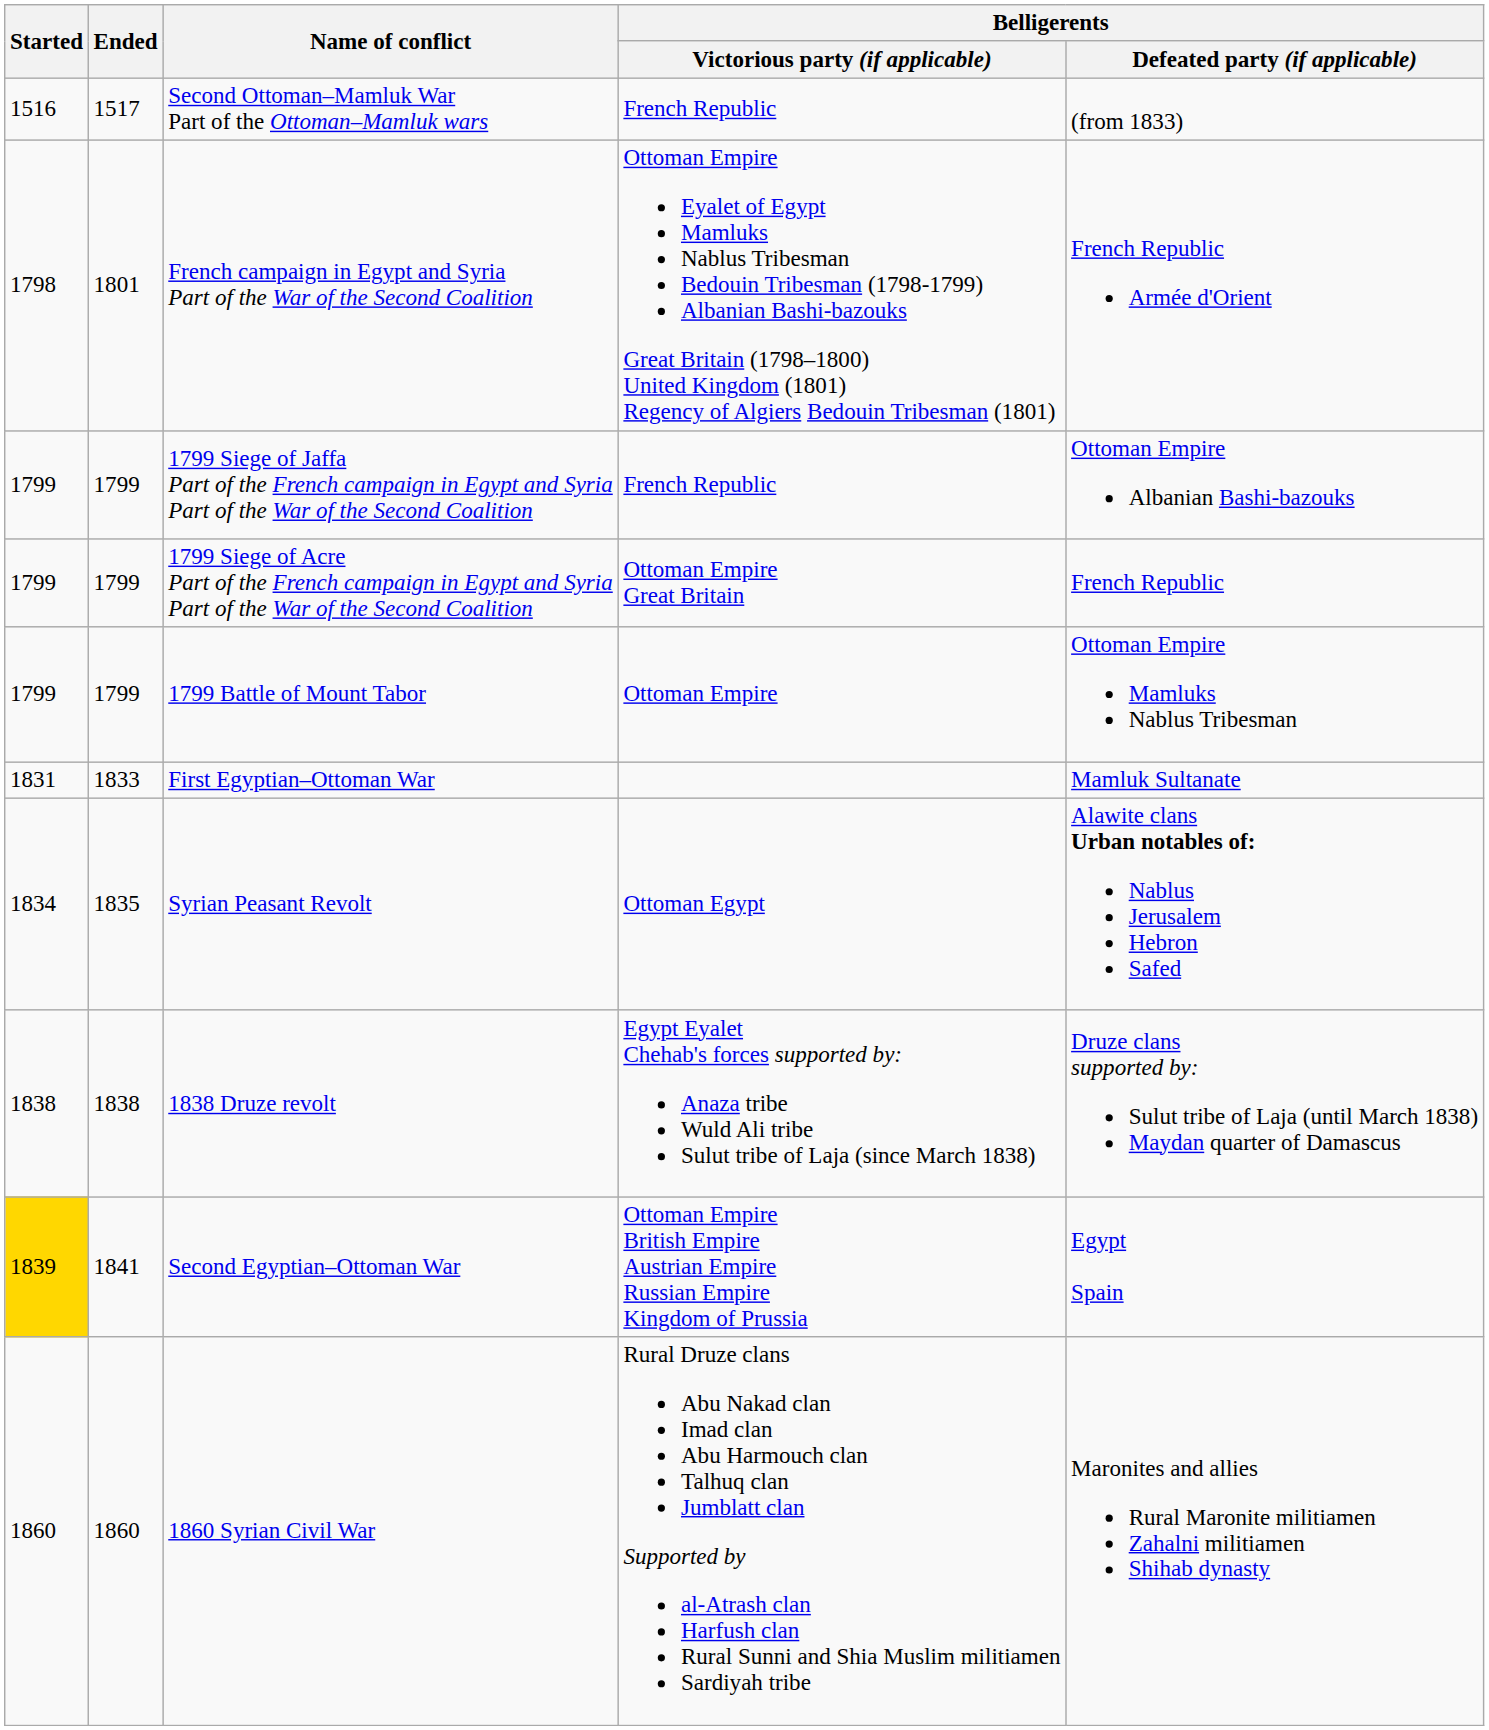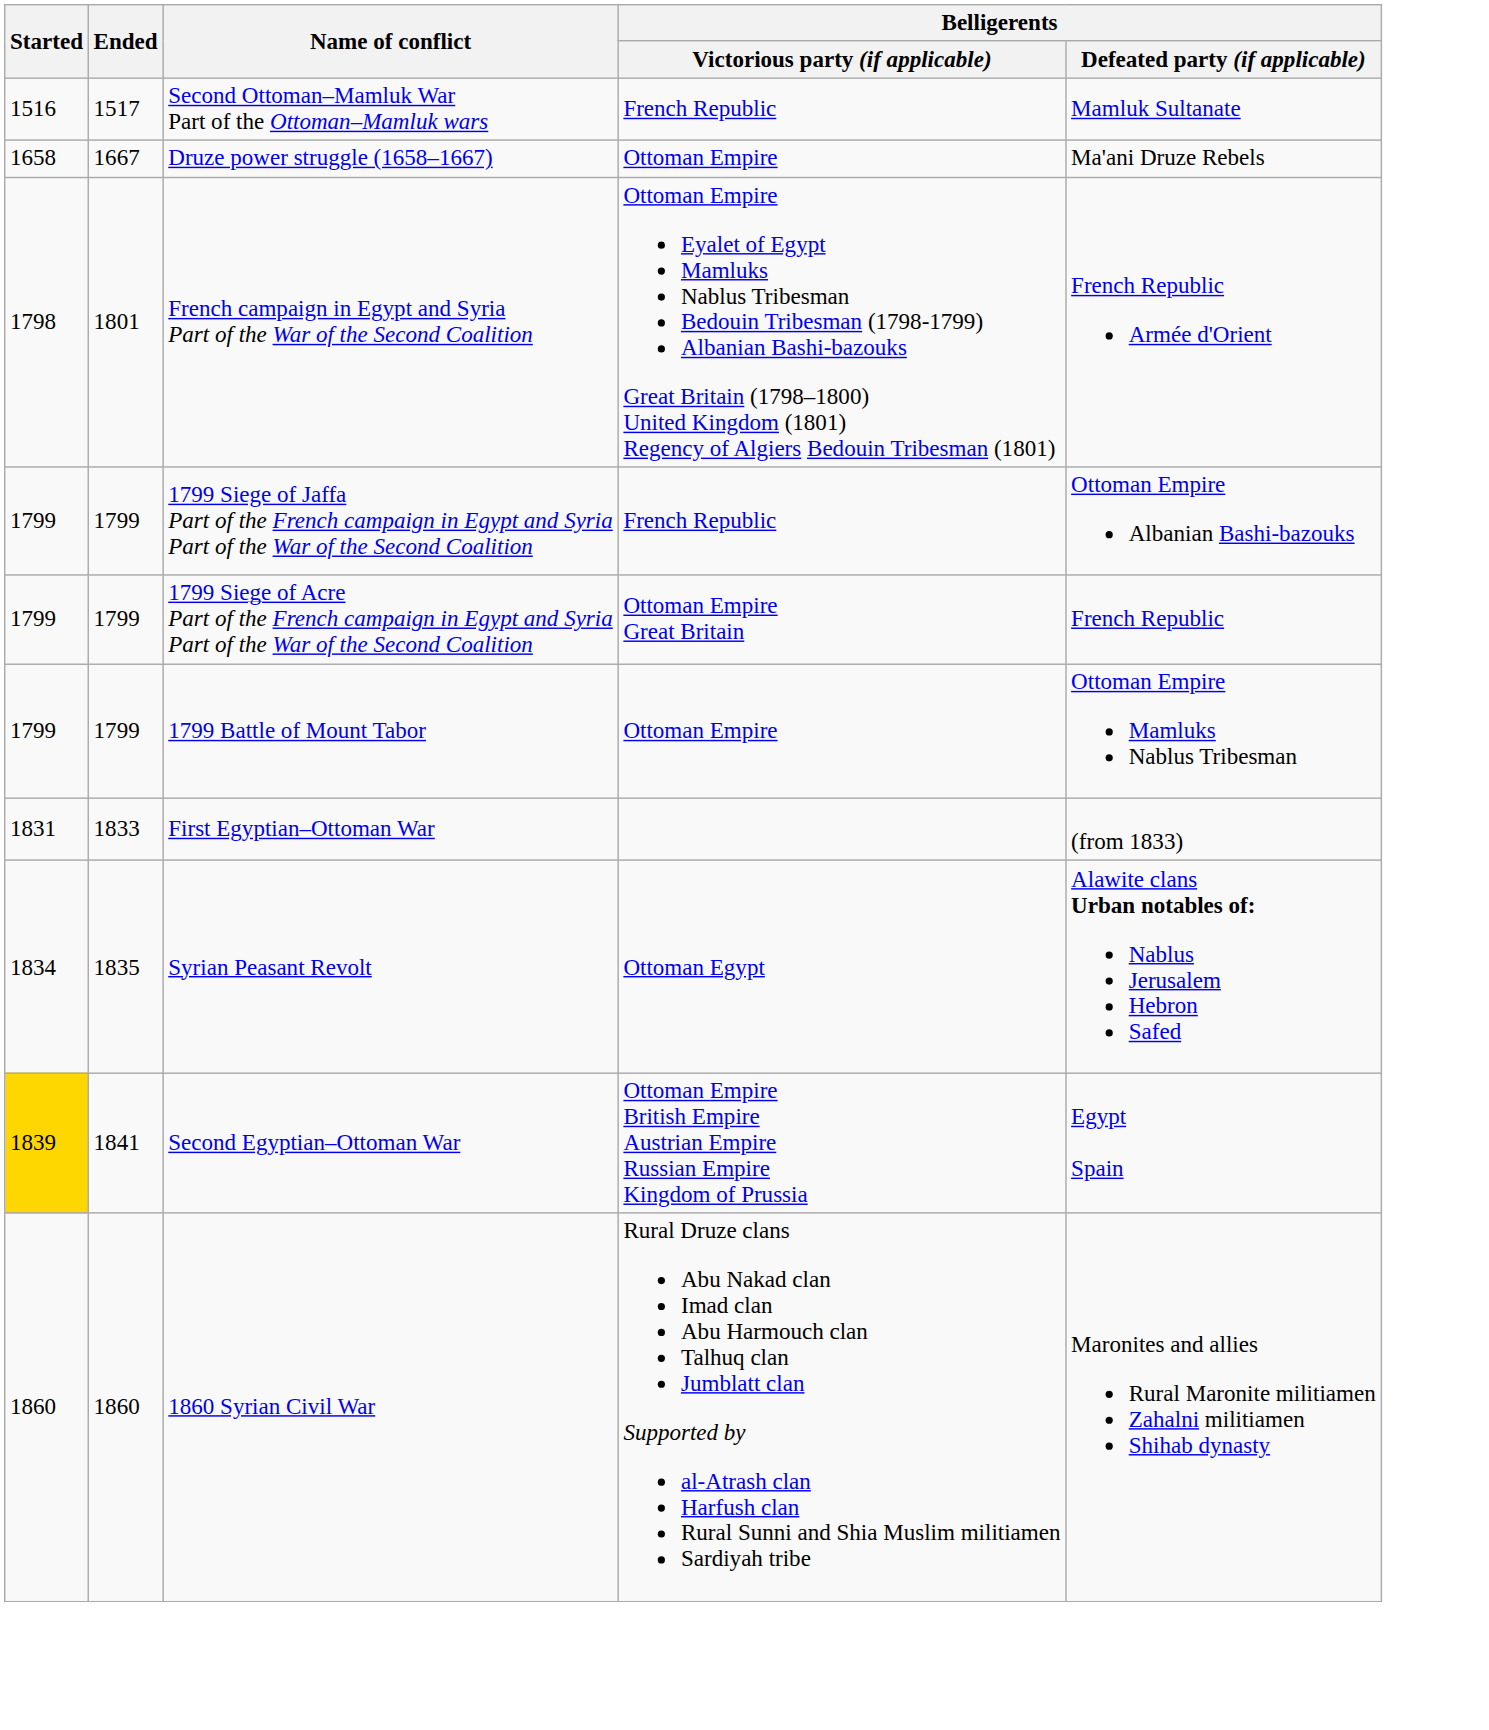 <table class="wikitable">
 <tr>
 <th rowspan="2">Started</th>
 <th rowspan="2">Ended</th>
 <th rowspan="2">Name of conflict</th>
 <th colspan="2">Belligerents</th>
 </tr>
 <tr>
 <th>Victorious party <em>(if applicable)</em></th>
 <th>Defeated party <em>(if applicable)</em></th>
 </tr>
 <tr>
 <td>1516</td>
 <td>1517</td>
 <td><a href='#'>Second Ottoman–Mamluk War</a><br>Part of the <em><a href='#'>Ottoman–Mamluk wars</a></em></td>
 <td> <a href='#'>French Republic</a></td>
-<td><br> (from 1833)</td>
+<td><a href='#'>Mamluk Sultanate</a></td>
+</tr>
+<tr>
+<td>1658</td>
+<td>1667</td>
+<td><a href='#'>Druze power struggle (1658–1667)</a></td>
+<td> <a href='#'>Ottoman Empire</a></td>
+<td>Ma'ani Druze Rebels</td>
 </tr>
 <tr>
 <td>1798</td>
 <td>1801</td>
 <td><a href='#'>French campaign in Egypt and Syria</a><br><em>Part of the <a href='#'>War of the Second Coalition</a></em></td>
 <td> <a href='#'>Ottoman Empire</a><br><ul><li><a href='#'>Eyalet of Egypt</a></li><li><a href='#'>Mamluks</a></li><li>Nablus Tribesman</li><li><a href='#'>Bedouin Tribesman</a> (1798-1799)</li><li><a href='#'>Albanian Bashi-bazouks</a></li></ul> <a href='#'>Great Britain</a> (1798–1800)<br> <a href='#'>United Kingdom</a> (1801)<br> <a href='#'>Regency of Algiers</a> <a href='#'>Bedouin Tribesman</a> (1801)</td>
 <td> <a href='#'>French Republic</a><br><ul><li><a href='#'>Armée d'Orient</a></li></ul></td>
 </tr>
 <tr>
 <td>1799</td>
 <td>1799</td>
 <td><a href='#'>1799 Siege of Jaffa</a><br><em>Part of the <a href='#'>French campaign in Egypt and Syria</a></em><br><em>Part of the <a href='#'>War of the Second Coalition</a></em></td>
 <td> <a href='#'>French Republic</a></td>
 <td> <a href='#'>Ottoman Empire</a><br><ul><li>Albanian <a href='#'>Bashi-bazouks</a></li></ul></td>
 </tr>
 <tr>
 <td>1799</td>
 <td>1799</td>
 <td><a href='#'>1799 Siege of Acre</a><br><em>Part of the <a href='#'>French campaign in Egypt and Syria</a></em><br><em>Part of the <a href='#'>War of the Second Coalition</a></em></td>
 <td> <a href='#'>Ottoman Empire</a><br> <a href='#'>Great Britain</a></td>
 <td> <a href='#'>French Republic</a></td>
 </tr>
 <tr>
 <td>1799</td>
 <td>1799</td>
 <td><a href='#'>1799 Battle of Mount Tabor</a></td>
 <td> <a href='#'>Ottoman Empire</a></td>
 <td> <a href='#'>Ottoman Empire</a><br><ul><li><a href='#'>Mamluks</a></li><li>Nablus Tribesman</li></ul></td>
 </tr>
 <tr>
 <td>1831</td>
 <td>1833</td>
 <td><a href='#'>First Egyptian–Ottoman War</a></td>
 <td></td>
-<td><a href='#'>Mamluk Sultanate</a></td>
+<td><br> (from 1833)</td>
 </tr>
 <tr>
 <td>1834</td>
 <td>1835</td>
 <td><a href='#'>Syrian Peasant Revolt</a></td>
 <td> <a href='#'>Ottoman Egypt</a></td>
 <td><a href='#'>Alawite clans</a><br><strong>Urban notables of:</strong><ul><li><a href='#'>Nablus</a></li><li><a href='#'>Jerusalem</a></li><li><a href='#'>Hebron</a></li><li><a href='#'>Safed</a></li></ul></td>
-</tr>
-<tr>
-<td>1838</td>
-<td>1838</td>
-<td><a href='#'>1838 Druze revolt</a></td>
-<td> <a href='#'>Egypt Eyalet</a><br><a href='#'>Chehab's forces</a> <em>supported by:</em><ul><li><a href='#'>Anaza</a> tribe</li><li>Wuld Ali tribe</li><li>Sulut tribe of Laja (since March 1838)</li></ul></td>
-<td><a href='#'>Druze clans</a><br><em>supported by:</em><ul><li>Sulut tribe of Laja (until March 1838)</li><li><a href='#'>Maydan</a> quarter of Damascus</li></ul></td>
 </tr>
 <tr>
 <td style="background: gold;">1839</td>
 <td>1841</td>
 <td><a href='#'>Second Egyptian–Ottoman War</a></td>
 <td> <a href='#'>Ottoman Empire</a><br> <a href='#'>British Empire</a><br> <a href='#'>Austrian Empire</a><br> <a href='#'>Russian Empire</a><br> <a href='#'>Kingdom of Prussia</a></td>
 <td> <a href='#'>Egypt</a><br><br> <a href='#'>Spain</a></td>
 </tr>
 <tr>
 <td>1860</td>
 <td>1860</td>
 <td><a href='#'>1860 Syrian Civil War</a></td>
 <td>Rural Druze clans<br><ul><li>Abu Nakad clan</li><li>Imad clan</li><li>Abu Harmouch clan</li><li>Talhuq clan</li><li><a href='#'>Jumblatt clan</a></li></ul><em>Supported by</em><ul><li><a href='#'>al-Atrash clan</a></li><li><a href='#'>Harfush clan</a></li><li>Rural Sunni and Shia Muslim militiamen</li><li>Sardiyah tribe</li></ul></td>
 <td>Maronites and allies<br><ul><li>Rural Maronite militiamen</li><li><a href='#'>Zahalni</a> militiamen</li><li><a href='#'>Shihab dynasty</a></li></ul></td>
 </tr>
 </table>
